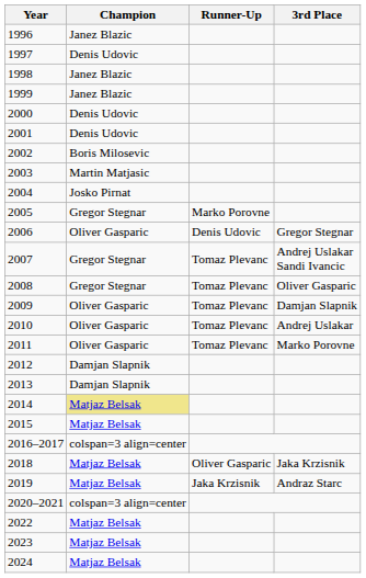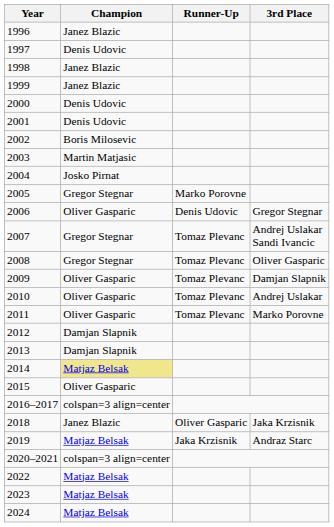 <table class="wikitable">
 <tr>
 <th>Year</th>
 <th>Champion</th>
 <th>Runner-Up</th>
 <th>3rd Place</th>
 </tr>
 <tr>
 <td>1996</td>
 <td> Janez Blazic</td>
 <td></td>
 <td></td>
 </tr>
 <tr>
 <td>1997</td>
 <td> Denis Udovic</td>
 <td></td>
 <td></td>
 </tr>
 <tr>
 <td>1998</td>
 <td> Janez Blazic</td>
 <td></td>
 <td></td>
 </tr>
 <tr>
 <td>1999</td>
 <td> Janez Blazic</td>
 <td></td>
 <td></td>
 </tr>
 <tr>
 <td>2000</td>
 <td> Denis Udovic</td>
 <td></td>
 <td></td>
 </tr>
 <tr>
 <td>2001</td>
 <td> Denis Udovic</td>
 <td></td>
 <td></td>
 </tr>
 <tr>
 <td>2002</td>
 <td> Boris Milosevic</td>
 <td></td>
 <td></td>
 </tr>
 <tr>
 <td>2003</td>
 <td> Martin Matjasic</td>
 <td></td>
 <td></td>
 </tr>
 <tr>
 <td>2004</td>
 <td> Josko Pirnat</td>
 <td></td>
 <td></td>
 </tr>
 <tr>
 <td>2005</td>
 <td> Gregor Stegnar</td>
 <td> Marko Porovne</td>
 <td></td>
 </tr>
 <tr>
 <td>2006</td>
 <td> Oliver Gasparic</td>
 <td> Denis Udovic</td>
 <td> Gregor Stegnar</td>
 </tr>
 <tr>
 <td>2007</td>
 <td> Gregor Stegnar</td>
 <td> Tomaz Plevanc</td>
 <td> Andrej Uslakar<br> Sandi Ivancic</td>
 </tr>
 <tr>
 <td>2008</td>
 <td> Gregor Stegnar</td>
 <td> Tomaz Plevanc</td>
 <td> Oliver Gasparic</td>
 </tr>
 <tr>
 <td>2009</td>
 <td> Oliver Gasparic</td>
 <td> Tomaz Plevanc</td>
 <td> Damjan Slapnik</td>
 </tr>
 <tr>
 <td>2010</td>
 <td> Oliver Gasparic</td>
 <td> Tomaz Plevanc</td>
 <td> Andrej Uslakar</td>
 </tr>
 <tr>
 <td>2011</td>
 <td> Oliver Gasparic</td>
 <td> Tomaz Plevanc</td>
 <td> Marko Porovne</td>
 </tr>
 <tr>
 <td>2012</td>
 <td> Damjan Slapnik</td>
 <td></td>
 <td></td>
 </tr>
 <tr>
 <td>2013</td>
 <td> Damjan Slapnik</td>
 <td></td>
 <td></td>
 </tr>
 <tr>
 <td>2014</td>
 <td style="background: khaki;"> <a href='#'>Matjaz Belsak</a></td>
 <td></td>
 <td></td>
 </tr>
 <tr>
 <td>2015</td>
-<td> <a href='#'>Matjaz Belsak</a></td>
+<td> Oliver Gasparic</td>
 <td></td>
 <td></td>
 </tr>
 <tr>
 <td>2016–2017</td>
 <td>colspan=3 align=center </td>
 </tr>
 <tr>
 <td>2018</td>
-<td> <a href='#'>Matjaz Belsak</a></td>
+<td> Janez Blazic</td>
 <td> Oliver Gasparic</td>
 <td> Jaka Krzisnik</td>
 </tr>
 <tr>
 <td>2019</td>
 <td> <a href='#'>Matjaz Belsak</a></td>
 <td> Jaka Krzisnik</td>
 <td> Andraz Starc</td>
 </tr>
 <tr>
 <td>2020–2021</td>
 <td>colspan=3 align=center </td>
 </tr>
 <tr>
 <td>2022</td>
 <td> <a href='#'>Matjaz Belsak</a></td>
 <td></td>
 <td></td>
 </tr>
 <tr>
 <td>2023</td>
 <td> <a href='#'>Matjaz Belsak</a></td>
 <td></td>
 <td></td>
 </tr>
 <tr>
 <td>2024</td>
 <td> <a href='#'>Matjaz Belsak</a></td>
 <td></td>
 <td></td>
 </tr>
 </table>
